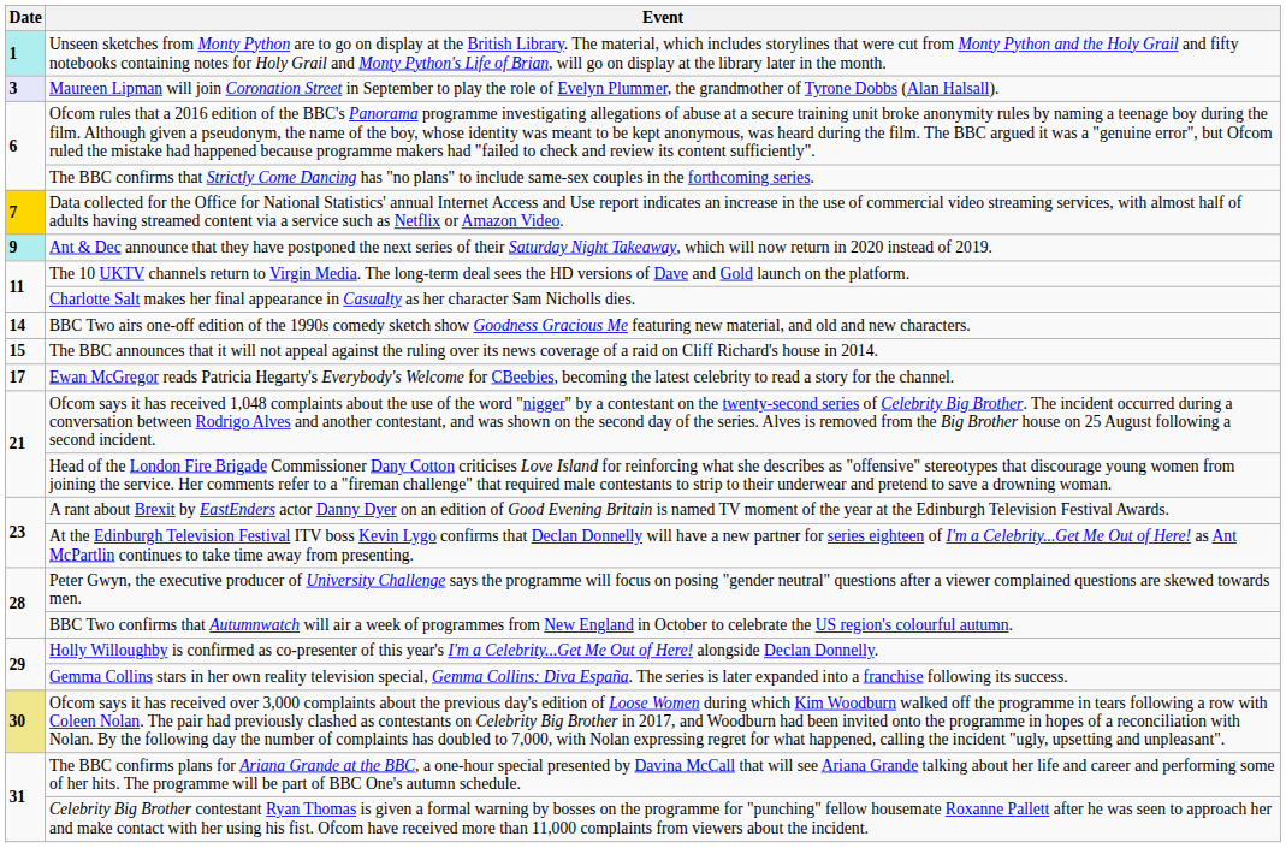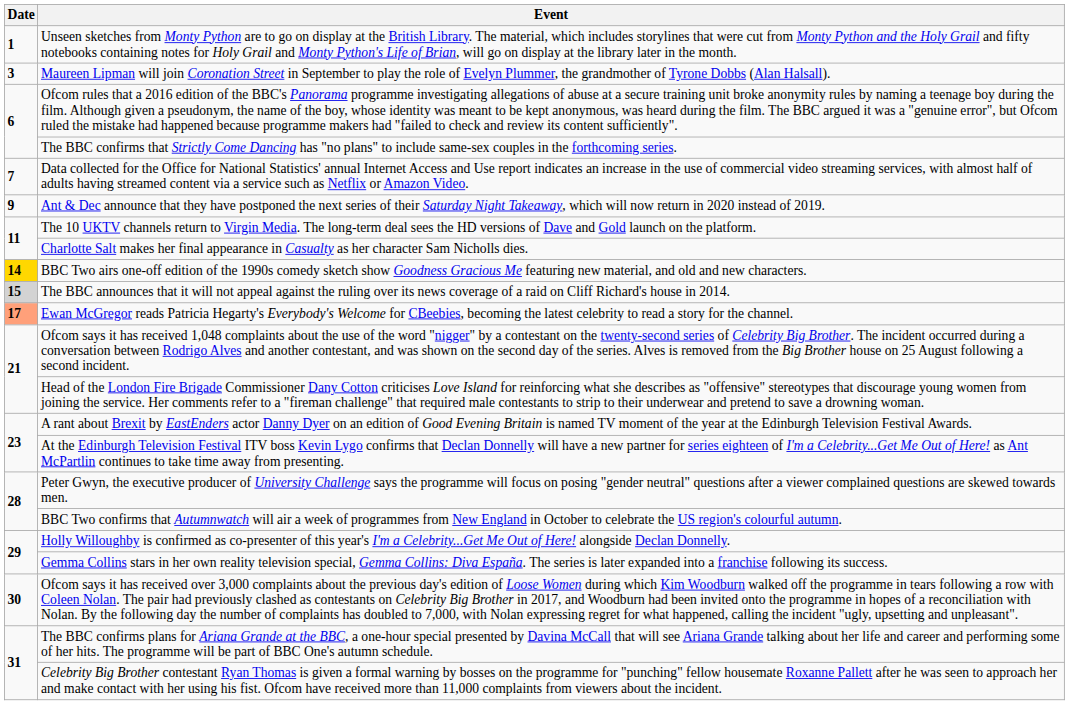 <table class="wikitable">
 <tr>
 <th>Date</th>
 <th>Event</th>
 </tr>
 <tr>
-<td style="background: paleturquoise;"><strong>1</strong></td>
+<td><strong>1</strong></td>
 <td>Unseen sketches from <em><a href='#'>Monty Python</a></em> are to go on display at the <a href='#'>British Library</a>. The material, which includes storylines that were cut from <em><a href='#'>Monty Python and the Holy Grail</a></em> and fifty notebooks containing notes for <em>Holy Grail</em> and <em><a href='#'>Monty Python's Life of Brian</a></em>, will go on display at the library later in the month.</td>
 </tr>
 <tr>
-<td style="background: lavender;"><strong>3</strong></td>
+<td><strong>3</strong></td>
 <td><a href='#'>Maureen Lipman</a> will join <em><a href='#'>Coronation Street</a></em> in September to play the role of <a href='#'>Evelyn Plummer</a>, the grandmother of <a href='#'>Tyrone Dobbs</a> (<a href='#'>Alan Halsall</a>).</td>
 </tr>
 <tr>
 <td rowspan=2><strong>6</strong></td>
 <td>Ofcom rules that a 2016 edition of the BBC's <em><a href='#'>Panorama</a></em> programme investigating allegations of abuse at a secure training unit broke anonymity rules by naming a teenage boy during the film. Although given a pseudonym, the name of the boy, whose identity was meant to be kept anonymous, was heard during the film. The BBC argued it was a "genuine error", but Ofcom ruled the mistake had happened because programme makers had "failed to check and review its content sufficiently".</td>
 </tr>
 <tr>
 <td>The BBC confirms that <em><a href='#'>Strictly Come Dancing</a></em> has "no plans" to include same-sex couples in the <a href='#'>forthcoming series</a>.</td>
 </tr>
 <tr>
-<td style="background: gold;"><strong>7</strong></td>
+<td><strong>7</strong></td>
 <td>Data collected for the Office for National Statistics' annual Internet Access and Use report indicates an increase in the use of commercial video streaming services, with almost half of adults having streamed content via a service such as <a href='#'>Netflix</a> or <a href='#'>Amazon Video</a>.</td>
 </tr>
 <tr>
-<td style="background: paleturquoise;"><strong>9</strong></td>
+<td><strong>9</strong></td>
 <td><a href='#'>Ant & Dec</a> announce that they have postponed the next series of their <em><a href='#'>Saturday Night Takeaway</a></em>, which will now return in 2020 instead of 2019.</td>
 </tr>
 <tr>
 <td rowspan=2><strong>11</strong></td>
 <td>The 10 <a href='#'>UKTV</a> channels return to <a href='#'>Virgin Media</a>. The long-term deal sees the HD versions of <a href='#'>Dave</a> and <a href='#'>Gold</a> launch on the platform.</td>
 </tr>
 <tr>
 <td><a href='#'>Charlotte Salt</a> makes her final appearance in <em><a href='#'>Casualty</a></em> as her character Sam Nicholls dies.</td>
 </tr>
 <tr>
-<td><strong>14</strong></td>
+<td style="background: gold;"><strong>14</strong></td>
 <td>BBC Two airs one-off edition of the 1990s comedy sketch show <em><a href='#'>Goodness Gracious Me</a></em> featuring new material, and old and new characters.</td>
 </tr>
 <tr>
-<td><strong>15</strong></td>
+<td style="background: lightgrey;"><strong>15</strong></td>
 <td>The BBC announces that it will not appeal against the ruling over its news coverage of a raid on Cliff Richard's house in 2014.</td>
 </tr>
 <tr>
-<td><strong>17</strong></td>
+<td style="background: lightsalmon;"><strong>17</strong></td>
 <td><a href='#'>Ewan McGregor</a> reads Patricia Hegarty's <em>Everybody's Welcome</em> for <a href='#'>CBeebies</a>, becoming the latest celebrity to read a story for the channel.</td>
 </tr>
 <tr>
 <td rowspan=2><strong>21</strong></td>
 <td>Ofcom says it has received 1,048 complaints about the use of the word "<a href='#'>nigger</a>" by a contestant on the <a href='#'>twenty-second series</a> of <em><a href='#'>Celebrity Big Brother</a></em>. The incident occurred during a conversation between <a href='#'>Rodrigo Alves</a> and another contestant, and was shown on the second day of the series. Alves is removed from the <em>Big Brother</em> house on 25 August following a second incident.</td>
 </tr>
 <tr>
 <td>Head of the <a href='#'>London Fire Brigade</a> Commissioner <a href='#'>Dany Cotton</a> criticises <em>Love Island</em> for reinforcing what she describes as "offensive" stereotypes that discourage young women from joining the service. Her comments refer to a "fireman challenge" that required male contestants to strip to their underwear and pretend to save a drowning woman.</td>
 </tr>
 <tr>
 <td rowspan=2><strong>23</strong></td>
 <td>A rant about <a href='#'>Brexit</a> by <em><a href='#'>EastEnders</a></em> actor <a href='#'>Danny Dyer</a> on an edition of <em>Good Evening Britain</em> is named TV moment of the year at the Edinburgh Television Festival Awards.</td>
 </tr>
 <tr>
 <td>At the <a href='#'>Edinburgh Television Festival</a> ITV boss <a href='#'>Kevin Lygo</a> confirms that <a href='#'>Declan Donnelly</a> will have a new partner for <a href='#'>series eighteen</a> of <em><a href='#'>I'm a Celebrity...Get Me Out of Here!</a></em> as <a href='#'>Ant McPartlin</a> continues to take time away from presenting.</td>
 </tr>
 <tr>
 <td rowspan=2><strong>28</strong></td>
 <td>Peter Gwyn, the executive producer of <em><a href='#'>University Challenge</a></em> says the programme will focus on posing "gender neutral" questions after a viewer complained questions are skewed towards men.</td>
 </tr>
 <tr>
 <td>BBC Two confirms that <em><a href='#'>Autumnwatch</a></em> will air a week of programmes from <a href='#'>New England</a> in October to celebrate the <a href='#'>US region's colourful autumn</a>.</td>
 </tr>
 <tr>
 <td rowspan=2><strong>29</strong></td>
 <td><a href='#'>Holly Willoughby</a> is confirmed as co-presenter of this year's <em><a href='#'>I'm a Celebrity...Get Me Out of Here!</a></em> alongside <a href='#'>Declan Donnelly</a>.</td>
 </tr>
 <tr>
 <td><a href='#'>Gemma Collins</a> stars in her own reality television special, <em><a href='#'>Gemma Collins: Diva España</a></em>. The series is later expanded into a <a href='#'>franchise</a> following its success.</td>
 </tr>
 <tr>
-<td style="background: khaki;"><strong>30</strong></td>
+<td><strong>30</strong></td>
 <td>Ofcom says it has received over 3,000 complaints about the previous day's edition of <em><a href='#'>Loose Women</a></em> during which <a href='#'>Kim Woodburn</a> walked off the programme in tears following a row with <a href='#'>Coleen Nolan</a>. The pair had previously clashed as contestants on <em>Celebrity Big Brother</em> in 2017, and Woodburn had been invited onto the programme in hopes of a reconciliation with Nolan. By the following day the number of complaints has doubled to 7,000, with Nolan expressing regret for what happened, calling the incident "ugly, upsetting and unpleasant".</td>
 </tr>
 <tr>
 <td rowspan=2><strong>31</strong></td>
 <td>The BBC confirms plans for <em><a href='#'>Ariana Grande at the BBC</a></em>, a one-hour special presented by <a href='#'>Davina McCall</a> that will see <a href='#'>Ariana Grande</a> talking about her life and career and performing some of her hits. The programme will be part of BBC One's autumn schedule.</td>
 </tr>
 <tr>
 <td><em>Celebrity Big Brother</em> contestant <a href='#'>Ryan Thomas</a> is given a formal warning by bosses on the programme for "punching" fellow housemate <a href='#'>Roxanne Pallett</a> after he was seen to approach her and make contact with her using his fist. Ofcom have received more than 11,000 complaints from viewers about the incident.</td>
 </tr>
 </table>
